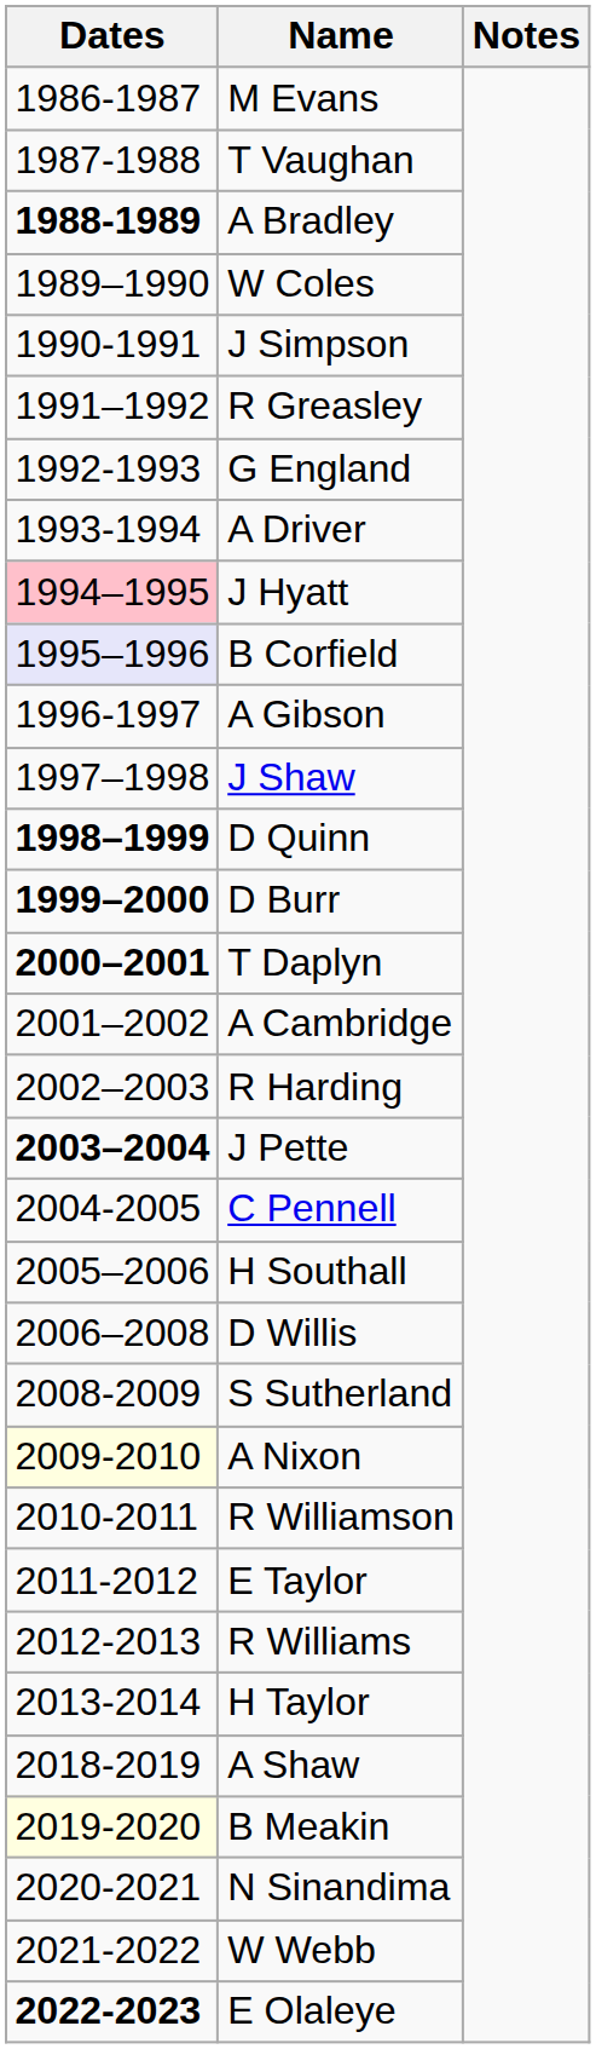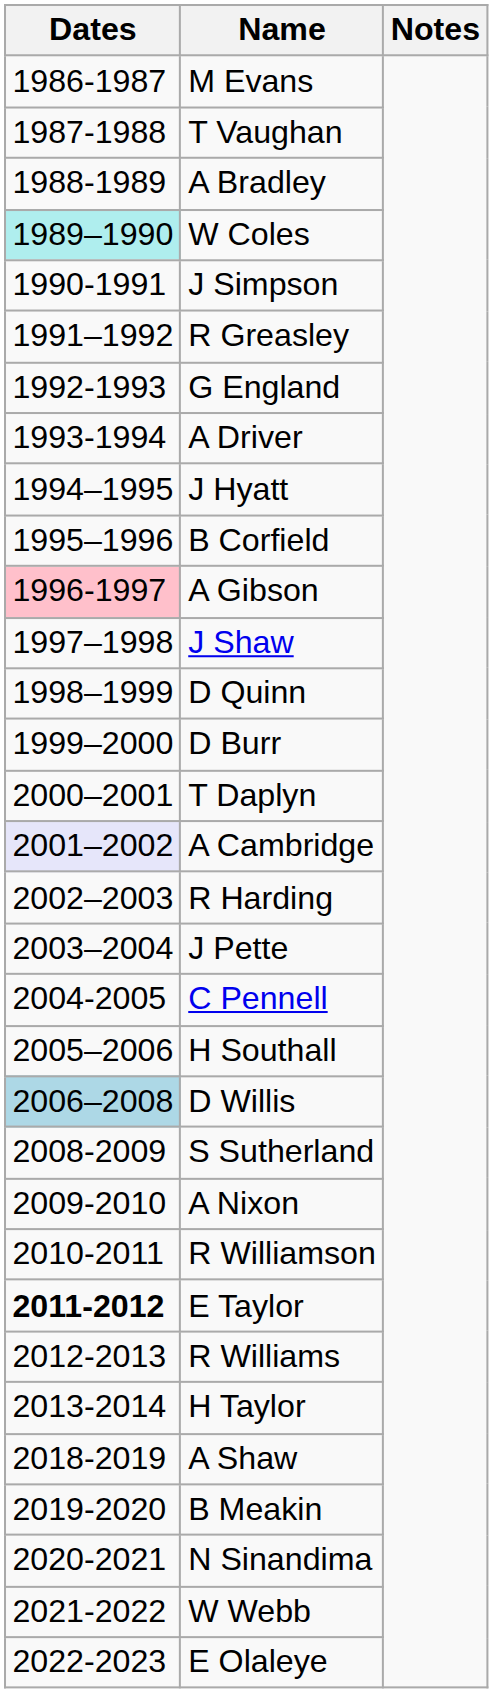 <table class="wikitable">
 <tr>
 <th>Dates</th>
 <th>Name</th>
 <th>Notes</th>
 </tr>
 <tr>
 <td>1986-1987</td>
 <td> M Evans</td>
 </tr>
 <tr>
 <td>1987-1988</td>
 <td> T Vaughan</td>
 </tr>
 <tr>
-<td><strong>1988-1989</strong></td>
+<td>1988-1989</td>
 <td> A Bradley</td>
 </tr>
 <tr>
-<td>1989–1990</td>
+<td style="background: paleturquoise;">1989–1990</td>
 <td> W Coles</td>
 </tr>
 <tr>
 <td>1990-1991</td>
 <td> J Simpson</td>
 </tr>
 <tr>
 <td>1991–1992</td>
 <td> R Greasley</td>
 </tr>
 <tr>
 <td>1992-1993</td>
 <td> G England</td>
 </tr>
 <tr>
 <td>1993-1994</td>
 <td> A Driver</td>
 </tr>
 <tr>
-<td style="background: pink;">1994–1995</td>
+<td>1994–1995</td>
 <td> J Hyatt</td>
 </tr>
 <tr>
-<td style="background: lavender;">1995–1996</td>
+<td>1995–1996</td>
 <td> B Corfield</td>
 </tr>
 <tr>
-<td>1996-1997</td>
+<td style="background: pink;">1996-1997</td>
 <td> A Gibson</td>
 </tr>
 <tr>
 <td>1997–1998</td>
 <td> <a href='#'>J Shaw</a></td>
 </tr>
 <tr>
-<td><strong>1998–1999</strong></td>
+<td>1998–1999</td>
 <td> D Quinn</td>
 </tr>
 <tr>
-<td><strong>1999–2000</strong></td>
+<td>1999–2000</td>
 <td> D Burr</td>
 </tr>
 <tr>
-<td><strong>2000–2001</strong></td>
+<td>2000–2001</td>
 <td> T Daplyn</td>
 </tr>
 <tr>
-<td>2001–2002</td>
+<td style="background: lavender;">2001–2002</td>
 <td> A Cambridge</td>
 </tr>
 <tr>
 <td>2002–2003</td>
 <td> R Harding</td>
 </tr>
 <tr>
-<td><strong>2003–2004</strong></td>
+<td>2003–2004</td>
 <td> J Pette</td>
 </tr>
 <tr>
 <td>2004-2005</td>
 <td> <a href='#'>C Pennell</a></td>
 </tr>
 <tr>
 <td>2005–2006</td>
 <td> H Southall</td>
 </tr>
 <tr>
-<td>2006–2008</td>
+<td style="background: lightblue;">2006–2008</td>
 <td> D Willis</td>
 </tr>
 <tr>
 <td>2008-2009</td>
 <td> S Sutherland</td>
 </tr>
 <tr>
-<td style="background: lightyellow;">2009-2010</td>
+<td>2009-2010</td>
 <td> A Nixon</td>
 </tr>
 <tr>
 <td>2010-2011</td>
 <td> R Williamson</td>
 </tr>
 <tr>
-<td>2011-2012</td>
+<td><strong>2011-2012</strong></td>
 <td> E Taylor</td>
 </tr>
 <tr>
 <td>2012-2013</td>
 <td> R Williams</td>
 </tr>
 <tr>
 <td>2013-2014</td>
 <td> H Taylor</td>
 </tr>
 <tr>
 <td>2018-2019</td>
 <td> A Shaw</td>
 </tr>
 <tr>
-<td style="background: lightyellow;">2019-2020</td>
+<td>2019-2020</td>
 <td> B Meakin</td>
 </tr>
 <tr>
 <td>2020-2021</td>
 <td> N Sinandima</td>
 </tr>
 <tr>
 <td>2021-2022</td>
 <td> W Webb</td>
 </tr>
 <tr>
-<td><strong>2022-2023</strong></td>
+<td>2022-2023</td>
 <td> E Olaleye</td>
 </tr>
 </table>
